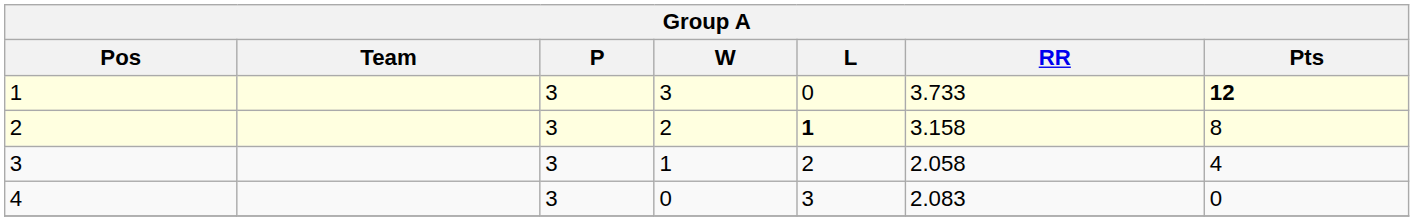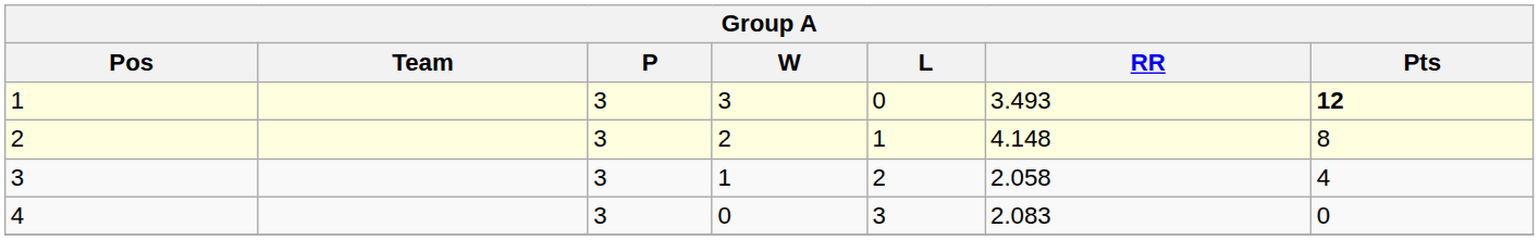 <table class="wikitable" width="80%">
 <tr bgcolor="#efefef">
 <th colspan=7>Group A</th>
 </tr>
 <tr bgcolor="#efefef">
 <th>Pos</th>
 <th>Team</th>
 <th>P</th>
 <th>W</th>
 <th>L</th>
 <th><a href='#'>RR</a></th>
 <th>Pts</th>
 </tr>
 <tr bgcolor="#ffffe0">
 <td>1</td>
 <td></td>
 <td>3</td>
 <td>3</td>
 <td>0</td>
-<td>3.733</td>
+<td>3.493</td>
 <td><strong>12</strong></td>
 </tr>
 <tr bgcolor="#ffffe0">
 <td>2</td>
 <td></td>
 <td>3</td>
 <td>2</td>
-<td><strong>1</strong></td>
-<td>3.158</td>
+<td>1</td>
+<td>4.148</td>
 <td>8</td>
 </tr>
 <tr>
 <td>3</td>
 <td></td>
 <td>3</td>
 <td>1</td>
 <td>2</td>
 <td>2.058</td>
 <td>4</td>
 </tr>
 <tr>
 <td>4</td>
 <td></td>
 <td>3</td>
 <td>0</td>
 <td>3</td>
 <td>2.083</td>
 <td>0</td>
 </tr>
 <tr>
 </tr>
 </table>
